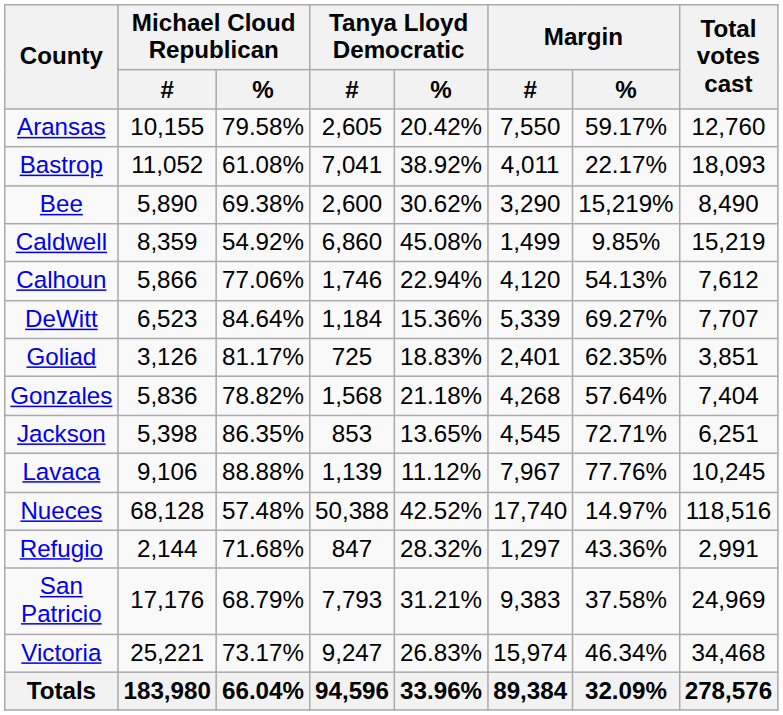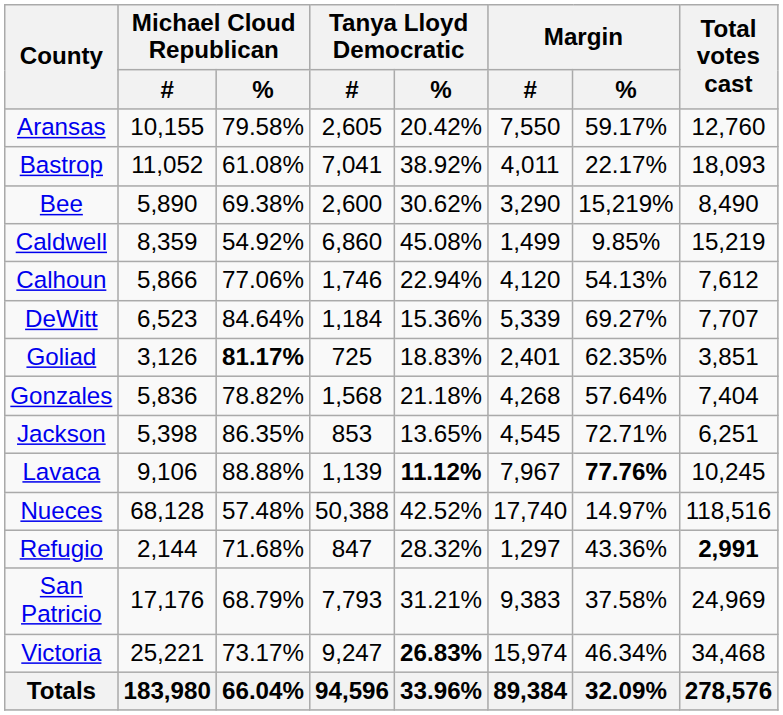 <table width="60%"  class="wikitable sortable" style="text-align:center">
 <tr>
 <th rowspan="2">County</th>
 <th style="text-align:center;" colspan="2">Michael Cloud<br>Republican</th>
 <th style="text-align:center;" colspan="2">Tanya Lloyd<br>Democratic</th>
 <th style="text-align:center;" colspan="2">Margin</th>
 <th rowspan="2" style="text-align:center;">Total votes cast</th>
 </tr>
 <tr>
 <th style="text-align:center;" data-sort-type="number">#</th>
 <th style="text-align:center;" data-sort-type="number">%</th>
 <th style="text-align:center;" data-sort-type="number">#</th>
 <th style="text-align:center;" data-sort-type="number">%</th>
 <th style="text-align:center;" data-sort-type="number">#</th>
 <th style="text-align:center;" data-sort-type="number">%</th>
 </tr>
 <tr style="text-align:center;">
 <td style="background-color:"><a href='#'>Aransas</a></td>
 <td style="background-color:">10,155</td>
 <td style="background-color:">79.58%</td>
 <td style="color:black;background-color:">2,605</td>
 <td style="color:black;background-color:">20.42%</td>
 <td style="background-color:">7,550</td>
 <td style="background-color:">59.17%</td>
 <td style="background-color:">12,760</td>
 </tr>
 <tr style="text-align:center;">
 <td style="background-color:"><a href='#'>Bastrop</a></td>
 <td style="background-color:">11,052</td>
 <td style="background-color:">61.08%</td>
 <td style="color:black;background-color:">7,041</td>
 <td style="color:black;background-color:">38.92%</td>
 <td style="background-color:">4,011</td>
 <td style="background-color:">22.17%</td>
 <td style="background-color:">18,093</td>
 </tr>
 <tr style="text-align:center;">
 <td style="background-color:"><a href='#'>Bee</a></td>
 <td style="background-color:">5,890</td>
 <td style="background-color:">69.38%</td>
 <td style="color:black;background-color:">2,600</td>
 <td style="color:black;background-color:">30.62%</td>
 <td style="background-color:">3,290</td>
 <td style="background-color:">15,219%</td>
 <td style="background-color:">8,490</td>
 </tr>
 <tr style="text-align:center;">
 <td style="background-color:"><a href='#'>Caldwell</a></td>
 <td style="background-color:">8,359</td>
 <td style="background-color:">54.92%</td>
 <td style="color:black;background-color:">6,860</td>
 <td style="color:black;background-color:">45.08%</td>
 <td style="background-color:">1,499</td>
 <td style="background-color:">9.85%</td>
 <td style="background-color:">15,219</td>
 </tr>
 <tr style="text-align:center;">
 <td style="background-color:"><a href='#'>Calhoun</a></td>
 <td style="background-color:">5,866</td>
 <td style="background-color:">77.06%</td>
 <td style="color:black;background-color:">1,746</td>
 <td style="color:black;background-color:">22.94%</td>
 <td style="background-color:">4,120</td>
 <td style="background-color:">54.13%</td>
 <td style="background-color:">7,612</td>
 </tr>
 <tr style="text-align:center;">
 <td style="background-color:"><a href='#'>DeWitt</a></td>
 <td style="background-color:">6,523</td>
 <td style="background-color:">84.64%</td>
 <td style="color:black;background-color:">1,184</td>
 <td style="color:black;background-color:">15.36%</td>
 <td style="background-color:">5,339</td>
 <td style="background-color:">69.27%</td>
 <td style="background-color:">7,707</td>
 </tr>
 <tr style="text-align:center;">
 <td style="background-color:"><a href='#'>Goliad</a></td>
 <td style="background-color:">3,126</td>
-<td style="background-color:">81.17%</td>
+<td style="background-color:"><strong>81.17%</strong></td>
 <td style="color:black;background-color:">725</td>
 <td style="color:black;background-color:">18.83%</td>
 <td style="background-color:">2,401</td>
 <td style="background-color:">62.35%</td>
 <td style="background-color:">3,851</td>
 </tr>
 <tr style="text-align:center;">
 <td style="background-color:"><a href='#'>Gonzales</a></td>
 <td style="background-color:">5,836</td>
 <td style="background-color:">78.82%</td>
 <td style="color:black;background-color:">1,568</td>
 <td style="color:black;background-color:">21.18%</td>
 <td style="background-color:">4,268</td>
 <td style="background-color:">57.64%</td>
 <td style="background-color:">7,404</td>
 </tr>
 <tr style="text-align:center;">
 <td style="background-color:"><a href='#'>Jackson</a></td>
 <td style="background-color:">5,398</td>
 <td style="background-color:">86.35%</td>
 <td style="color:black;background-color:">853</td>
 <td style="color:black;background-color:">13.65%</td>
 <td style="background-color:">4,545</td>
 <td style="background-color:">72.71%</td>
 <td style="background-color:">6,251</td>
 </tr>
 <tr style="text-align:center;">
 <td style="background-color:"><a href='#'>Lavaca</a></td>
 <td style="background-color:">9,106</td>
 <td style="background-color:">88.88%</td>
 <td style="color:black;background-color:">1,139</td>
-<td style="color:black;background-color:">11.12%</td>
+<td style="color:black;background-color:"><strong>11.12%</strong></td>
 <td style="background-color:">7,967</td>
-<td style="background-color:">77.76%</td>
+<td style="background-color:"><strong>77.76%</strong></td>
 <td style="background-color:">10,245</td>
 </tr>
 <tr style="text-align:center;">
 <td style="background-color:"><a href='#'>Nueces</a></td>
 <td style="background-color:">68,128</td>
 <td style="background-color:">57.48%</td>
 <td style="color:black;background-color:">50,388</td>
 <td style="color:black;background-color:">42.52%</td>
 <td style="background-color:">17,740</td>
 <td style="background-color:">14.97%</td>
 <td style="background-color:">118,516</td>
 </tr>
 <tr style="text-align:center;">
 <td style="background-color:"><a href='#'>Refugio</a></td>
 <td style="background-color:">2,144</td>
 <td style="background-color:">71.68%</td>
 <td style="color:black;background-color:">847</td>
 <td style="color:black;background-color:">28.32%</td>
 <td style="background-color:">1,297</td>
 <td style="background-color:">43.36%</td>
-<td style="background-color:">2,991</td>
+<td style="background-color:"><strong>2,991</strong></td>
 </tr>
 <tr style="text-align:center;">
 <td style="background-color:"><a href='#'>San Patricio</a></td>
 <td style="background-color:">17,176</td>
 <td style="background-color:">68.79%</td>
 <td style="color:black;background-color:">7,793</td>
 <td style="color:black;background-color:">31.21%</td>
 <td style="background-color:">9,383</td>
 <td style="background-color:">37.58%</td>
 <td style="background-color:">24,969</td>
 </tr>
 <tr style="text-align:center;">
 <td style="background-color:"><a href='#'>Victoria</a></td>
 <td style="background-color:">25,221</td>
 <td style="background-color:">73.17%</td>
 <td style="color:black;background-color:">9,247</td>
-<td style="color:black;background-color:">26.83%</td>
+<td style="color:black;background-color:"><strong>26.83%</strong></td>
 <td style="background-color:">15,974</td>
 <td style="background-color:">46.34%</td>
 <td style="background-color:">34,468</td>
 </tr>
 <tr style="text-align:center;">
 <th>Totals</th>
 <th>183,980</th>
 <th>66.04%</th>
 <th>94,596</th>
 <th>33.96%</th>
 <th>89,384</th>
 <th>32.09%</th>
 <th>278,576</th>
 </tr>
 </table>
